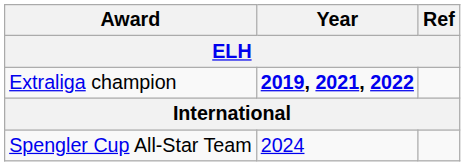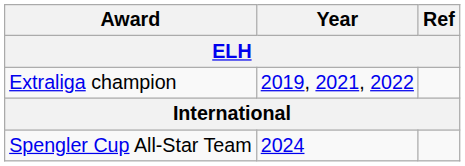 <table class="wikitable">
 <tr>
 <th>Award</th>
 <th>Year</th>
 <th>Ref</th>
 </tr>
 <tr>
 <th colspan="3"><a href='#'>ELH</a></th>
 </tr>
 <tr>
 <td><a href='#'>Extraliga</a> champion</td>
-<td><strong><a href='#'>2019</a>, <a href='#'>2021</a>, <a href='#'>2022</a></strong></td>
+<td><a href='#'>2019</a>, <a href='#'>2021</a>, <a href='#'>2022</a></td>
 <td></td>
 </tr>
 <tr ALIGN="center" bgcolor="#e0e0e0">
 <th colspan="3">International</th>
 </tr>
 <tr>
 <td><a href='#'>Spengler Cup</a> All-Star Team</td>
 <td><a href='#'>2024</a></td>
 <td></td>
 </tr>
 </table>
